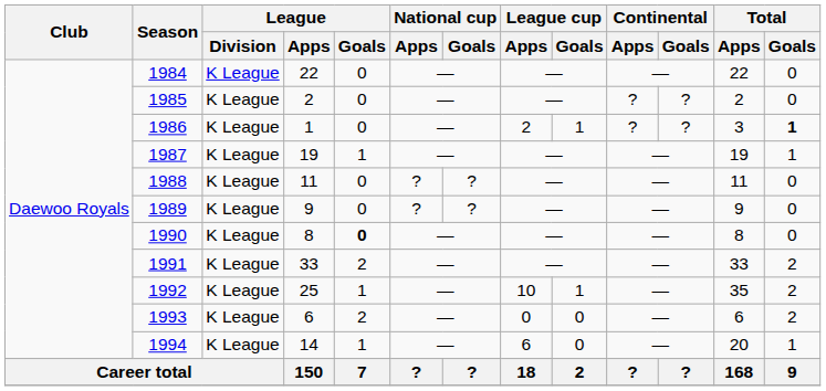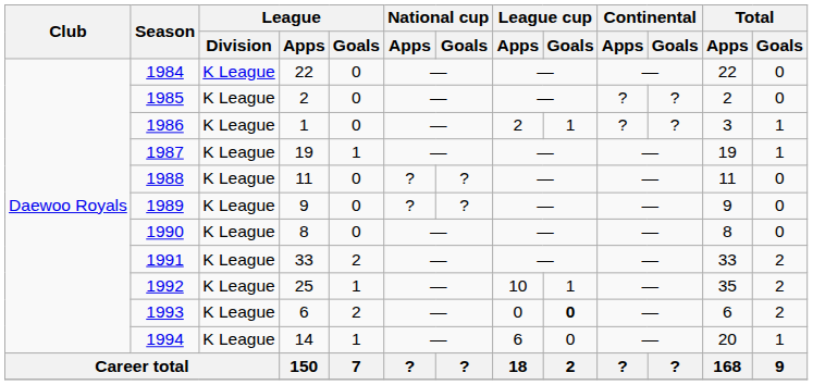 <table class="wikitable" style="text-align:center">
 <tr>
 <th rowspan="2">Club</th>
 <th rowspan="2">Season</th>
 <th colspan="3">League</th>
 <th colspan="2">National cup</th>
 <th colspan="2">League cup</th>
 <th colspan="2">Continental</th>
 <th colspan="2">Total</th>
 </tr>
 <tr>
 <th>Division</th>
 <th>Apps</th>
 <th>Goals</th>
 <th>Apps</th>
 <th>Goals</th>
 <th>Apps</th>
 <th>Goals</th>
 <th>Apps</th>
 <th>Goals</th>
 <th>Apps</th>
 <th>Goals</th>
 </tr>
 <tr>
 <td rowspan="11"><a href='#'>Daewoo Royals</a></td>
 <td><a href='#'>1984</a></td>
 <td><a href='#'>K League</a></td>
 <td>22</td>
 <td>0</td>
 <td colspan="2">—</td>
 <td colspan="2">—</td>
 <td colspan="2">—</td>
 <td>22</td>
 <td>0</td>
 </tr>
 <tr>
 <td><a href='#'>1985</a></td>
 <td>K League</td>
 <td>2</td>
 <td>0</td>
 <td colspan="2">—</td>
 <td colspan="2">—</td>
 <td>?</td>
 <td>?</td>
 <td>2</td>
 <td>0</td>
 </tr>
 <tr>
 <td><a href='#'>1986</a></td>
 <td>K League</td>
 <td>1</td>
 <td>0</td>
 <td colspan="2">—</td>
 <td>2</td>
 <td>1</td>
 <td>?</td>
 <td>?</td>
 <td>3</td>
-<td><strong>1</strong></td>
+<td>1</td>
 </tr>
 <tr>
 <td><a href='#'>1987</a></td>
 <td>K League</td>
 <td>19</td>
 <td>1</td>
 <td colspan="2">—</td>
 <td colspan="2">—</td>
 <td colspan="2">—</td>
 <td>19</td>
 <td>1</td>
 </tr>
 <tr>
 <td><a href='#'>1988</a></td>
 <td>K League</td>
 <td>11</td>
 <td>0</td>
 <td>?</td>
 <td>?</td>
 <td colspan="2">—</td>
 <td colspan="2">—</td>
 <td>11</td>
 <td>0</td>
 </tr>
 <tr>
 <td><a href='#'>1989</a></td>
 <td>K League</td>
 <td>9</td>
 <td>0</td>
 <td>?</td>
 <td>?</td>
 <td colspan="2">—</td>
 <td colspan="2">—</td>
 <td>9</td>
 <td>0</td>
 </tr>
 <tr>
 <td><a href='#'>1990</a></td>
 <td>K League</td>
 <td>8</td>
-<td><strong>0</strong></td>
+<td>0</td>
 <td colspan="2">—</td>
 <td colspan="2">—</td>
 <td colspan="2">—</td>
 <td>8</td>
 <td>0</td>
 </tr>
 <tr>
 <td><a href='#'>1991</a></td>
 <td>K League</td>
 <td>33</td>
 <td>2</td>
 <td colspan="2">—</td>
 <td colspan="2">—</td>
 <td colspan="2">—</td>
 <td>33</td>
 <td>2</td>
 </tr>
 <tr>
 <td align="center"><a href='#'>1992</a></td>
 <td>K League</td>
 <td>25</td>
 <td>1</td>
 <td colspan="2">—</td>
 <td>10</td>
 <td>1</td>
 <td colspan="2">—</td>
 <td>35</td>
 <td>2</td>
 </tr>
 <tr>
 <td><a href='#'>1993</a></td>
 <td>K League</td>
 <td>6</td>
 <td>2</td>
 <td colspan="2">—</td>
 <td>0</td>
-<td>0</td>
+<td><strong>0</strong></td>
 <td colspan="2">—</td>
 <td>6</td>
 <td>2</td>
 </tr>
 <tr>
 <td><a href='#'>1994</a></td>
 <td>K League</td>
 <td>14</td>
 <td>1</td>
 <td colspan="2">—</td>
 <td>6</td>
 <td>0</td>
 <td colspan="2">—</td>
 <td>20</td>
 <td>1</td>
 </tr>
 <tr>
 <th colspan="3">Career total</th>
 <th>150</th>
 <th>7</th>
 <th>?</th>
 <th>?</th>
 <th>18</th>
 <th>2</th>
 <th>?</th>
 <th>?</th>
 <th>168</th>
 <th>9</th>
 </tr>
 <tr>
 </tr>
 </table>
